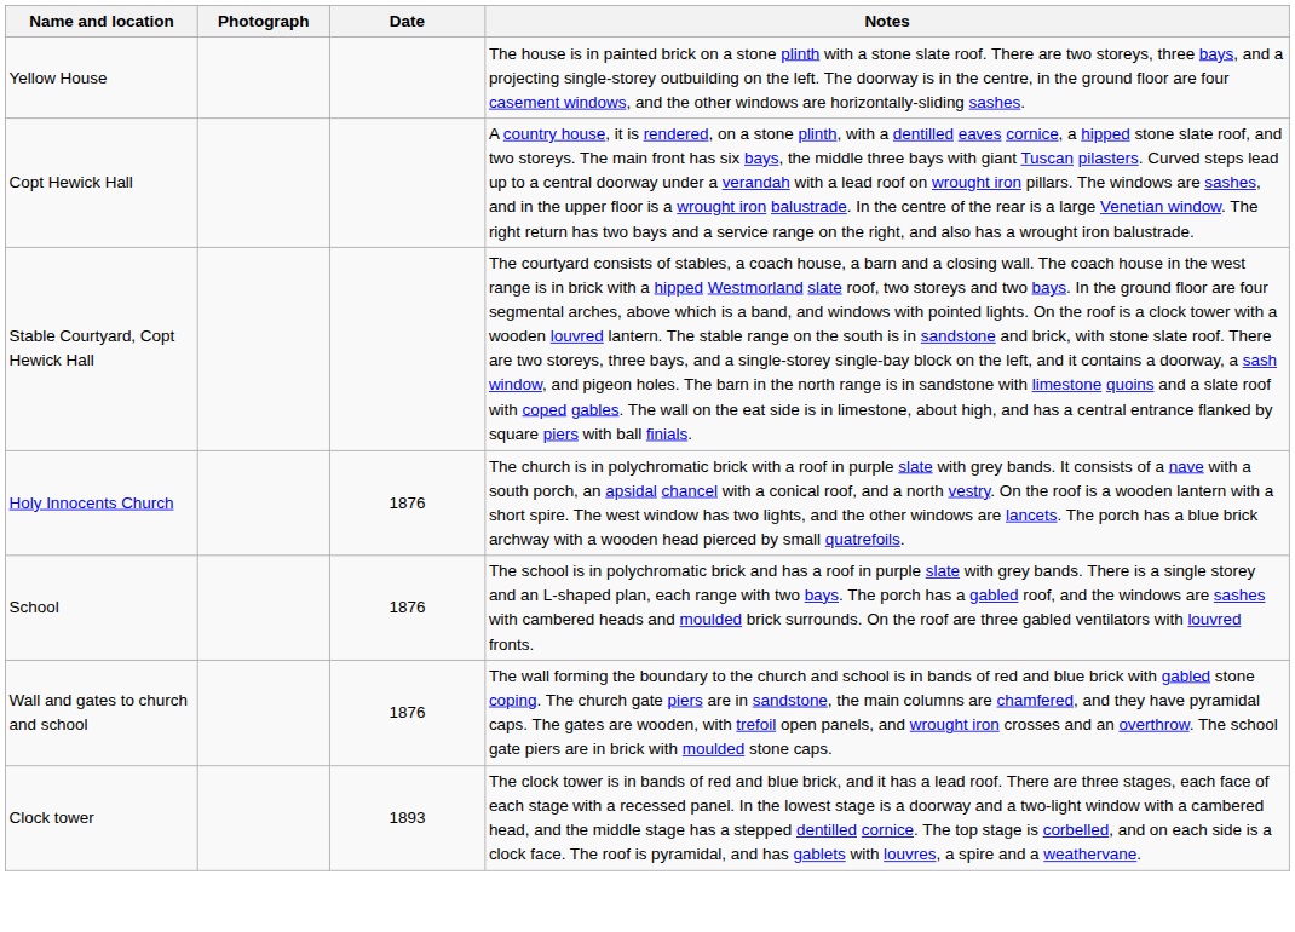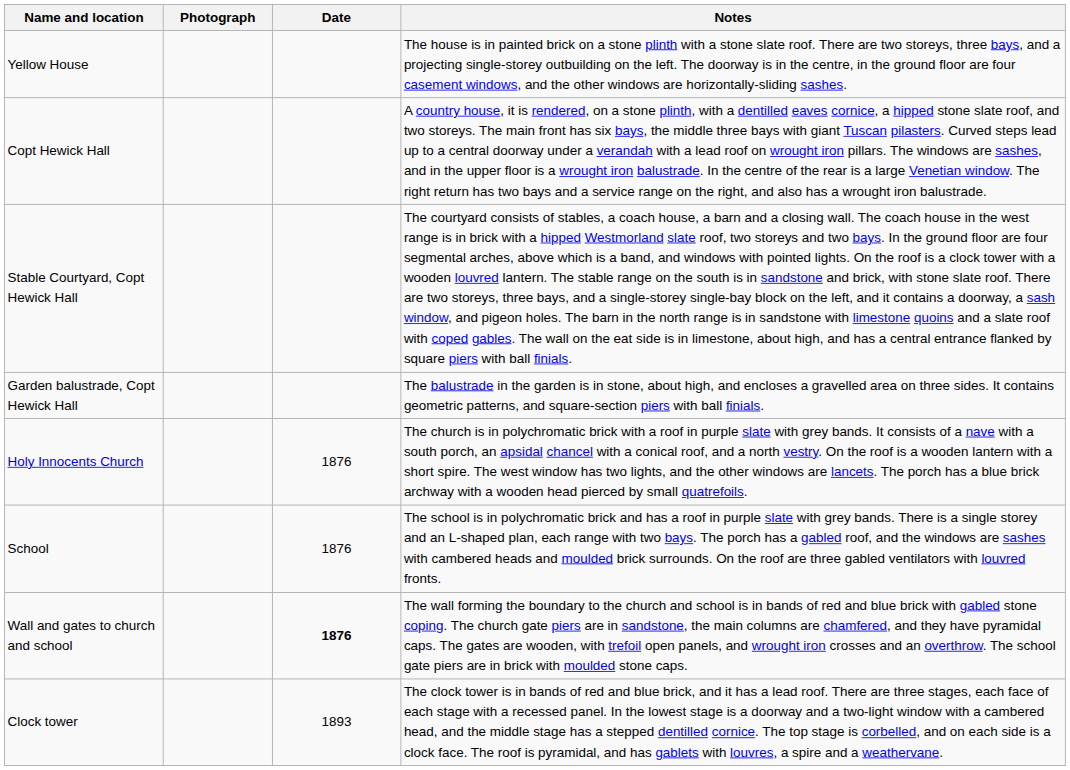 <table class="wikitable sortable plainrowheaders" style="width:100%;border:0px;text-align:left;line-height:150%;">
 <tr>
 <th scope="col"  style="width:150px">Name and location</th>
 <th scope="col"  style="width:100px" class="unsortable">Photograph</th>
 <th scope="col"  style="width:120px">Date</th>
 <th scope="col"  style="width:650px" class="unsortable">Notes</th>
 </tr>
 <tr>
 <td>Yellow House<br><small></small></td>
 <td></td>
 <td align="center"></td>
 <td>The house is in painted brick on a stone <a href='#'>plinth</a> with a stone slate roof.  There are two storeys, three <a href='#'>bays</a>, and a projecting single-storey outbuilding on the left.  The doorway is in the centre, in the ground floor are four <a href='#'>casement windows</a>, and the other windows are horizontally-sliding <a href='#'>sashes</a>.</td>
 </tr>
 <tr>
 <td>Copt Hewick Hall<br><small></small></td>
 <td></td>
 <td align="center"></td>
 <td>A <a href='#'>country house</a>, it is <a href='#'>rendered</a>, on a stone <a href='#'>plinth</a>, with a <a href='#'>dentilled</a> <a href='#'>eaves</a> <a href='#'>cornice</a>, a <a href='#'>hipped</a> stone slate roof, and two storeys.  The main front has six <a href='#'>bays</a>, the middle three bays with giant <a href='#'>Tuscan</a> <a href='#'>pilasters</a>.  Curved steps lead up to a central doorway under a <a href='#'>verandah</a> with a lead roof on <a href='#'>wrought iron</a> pillars.  The windows are <a href='#'>sashes</a>, and in the upper floor is a <a href='#'>wrought iron</a> <a href='#'>balustrade</a>.  In the centre of the rear is a large <a href='#'>Venetian window</a>.  The right return has two bays and a service range on the right, and also has a wrought iron balustrade.</td>
 </tr>
 <tr>
 <td>Stable Courtyard, Copt Hewick Hall<br><small></small></td>
 <td></td>
 <td align="center"></td>
 <td>The courtyard consists of stables, a coach house, a barn and a closing wall. The coach house in the west range is in brick with a <a href='#'>hipped</a> <a href='#'>Westmorland</a> <a href='#'>slate</a> roof, two storeys and two <a href='#'>bays</a>.  In the ground floor are four segmental arches, above which is a band, and windows with pointed lights.  On the roof is a clock tower with a wooden <a href='#'>louvred</a> lantern.  The stable range on the south is in <a href='#'>sandstone</a> and brick, with stone slate roof.  There are two storeys, three bays, and a single-storey single-bay block on the left, and it contains a doorway, a <a href='#'>sash window</a>, and pigeon holes.  The barn in the north range is in sandstone with <a href='#'>limestone</a> <a href='#'>quoins</a> and a slate roof with <a href='#'>coped</a> <a href='#'>gables</a>.  The wall on the eat side is in limestone, about  high, and has a central entrance flanked by square <a href='#'>piers</a> with ball <a href='#'>finials</a>.</td>
 </tr>
 <tr>
+<td>Garden balustrade, Copt Hewick Hall<br><small></small></td>
+<td></td>
+<td align="center"></td>
+<td>The <a href='#'>balustrade</a> in the garden is in stone, about  high, and encloses a gravelled area on three sides.  It contains geometric patterns, and square-section <a href='#'>piers</a> with ball <a href='#'>finials</a>.</td>
+</tr>
+<tr>
 <td><a href='#'>Holy Innocents Church</a><br><small></small></td>
 <td></td>
 <td align="center">1876</td>
 <td>The church is in polychromatic brick with a roof in purple <a href='#'>slate</a> with grey bands.  It consists of a <a href='#'>nave</a> with a south porch, an <a href='#'>apsidal</a> <a href='#'>chancel</a> with a conical roof, and a north <a href='#'>vestry</a>.  On the roof is a wooden lantern with a short spire.   The west window has two lights, and the other windows are <a href='#'>lancets</a>.  The porch has a blue brick archway with a wooden head pierced by small <a href='#'>quatrefoils</a>.</td>
 </tr>
 <tr>
 <td>School<br><small></small></td>
 <td></td>
 <td align="center">1876</td>
 <td>The school is in polychromatic brick and has a roof in purple <a href='#'>slate</a> with grey bands.  There is a single storey and an L-shaped plan, each range with two <a href='#'>bays</a>.  The porch has a <a href='#'>gabled</a> roof, and the windows are <a href='#'>sashes</a> with cambered heads and <a href='#'>moulded</a> brick surrounds.  On the roof are three gabled ventilators with <a href='#'>louvred</a> fronts.</td>
 </tr>
 <tr>
 <td>Wall and gates to church and school<br><small></small></td>
 <td></td>
-<td align="center">1876</td>
+<td align="center"><strong>1876</strong></td>
 <td>The wall forming the boundary to the church and school is in bands of red and blue brick with <a href='#'>gabled</a> stone <a href='#'>coping</a>.  The church gate <a href='#'>piers</a> are in <a href='#'>sandstone</a>, the main columns are <a href='#'>chamfered</a>, and they have pyramidal caps.  The gates are wooden, with <a href='#'>trefoil</a> open panels, and <a href='#'>wrought iron</a> crosses and an <a href='#'>overthrow</a>.  The school gate piers are in brick with <a href='#'>moulded</a> stone caps.</td>
 </tr>
 <tr>
 <td>Clock tower<br><small></small></td>
 <td></td>
 <td align="center">1893</td>
 <td>The clock tower is in bands of red and blue brick, and it has a lead roof.  There are three stages, each face of each stage with a recessed panel.  In the lowest stage is a doorway and a two-light window with a cambered head, and the middle stage has a stepped <a href='#'>dentilled</a> <a href='#'>cornice</a>.  The top stage is <a href='#'>corbelled</a>, and on each side is a clock face.  The roof is pyramidal, and has <a href='#'>gablets</a> with <a href='#'>louvres</a>, a spire and a <a href='#'>weathervane</a>.</td>
 </tr>
 <tr>
 </tr>
 </table>
